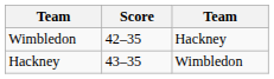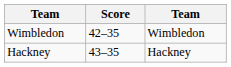 <table class="wikitable" style="font-size: 100%">
 <tr>
 <th width=100>Team</th>
 <th width=70>Score</th>
 <th width=100>Team</th>
 </tr>
 <tr>
 <td>Wimbledon</td>
 <td>42–35</td>
-<td>Hackney</td>
+<td>Wimbledon</td>
 </tr>
 <tr>
 <td>Hackney</td>
 <td>43–35</td>
-<td>Wimbledon</td>
+<td>Hackney</td>
 </tr>
 </table>
